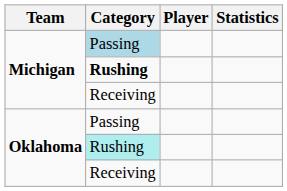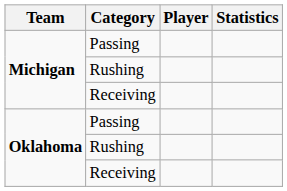 <table class="wikitable" style="float: right;">
 <tr>
 <th>Team</th>
 <th>Category</th>
 <th>Player</th>
 <th>Statistics</th>
 </tr>
 <tr>
 <td rowspan=3><strong>Michigan</strong></td>
-<td style="background: lightblue;">Passing</td>
+<td>Passing</td>
 <td></td>
 <td></td>
 </tr>
 <tr>
-<td><strong>Rushing</strong></td>
+<td>Rushing</td>
 <td></td>
 <td></td>
 </tr>
 <tr>
 <td>Receiving</td>
 <td></td>
 <td></td>
 </tr>
 <tr>
 <td rowspan=3><strong>Oklahoma</strong></td>
 <td>Passing</td>
 <td></td>
 <td></td>
 </tr>
 <tr>
-<td style="background: paleturquoise;">Rushing</td>
+<td>Rushing</td>
 <td></td>
 <td></td>
 </tr>
 <tr>
 <td>Receiving</td>
 <td></td>
 <td></td>
 </tr>
 </table>
